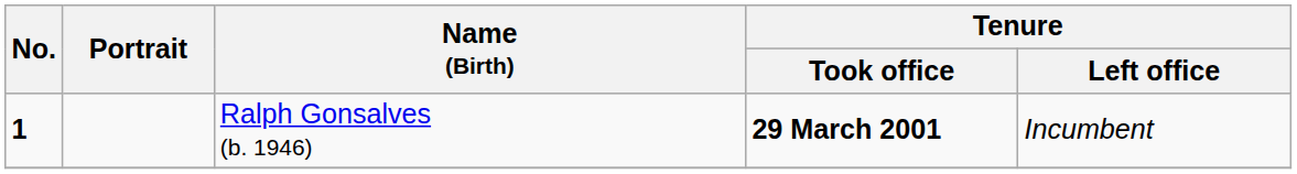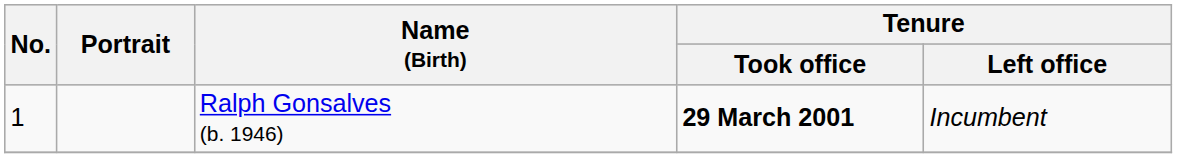 <table class="wikitable">
 <tr>
 <th scope="col" style="width:20px;" rowspan="2">No.</th>
 <th scope="col" style="width:80px;" rowspan="2">Portrait</th>
 <th scope="col" style="width:300px;" rowspan="2">Name<br><small>(Birth)</small></th>
 <th scope="col" style="width:300px;" colspan="2">Tenure</th>
 </tr>
 <tr>
 <th scope="col" style="width:150px;">Took office</th>
 <th scope="col" style="width:150px;">Left office</th>
 </tr>
 <tr>
-<td><strong>1</strong></td>
+<td>1</td>
 <td style="text-align: center;"></td>
 <td><a href='#'>Ralph Gonsalves</a><br><small>(b. 1946)</small></td>
 <td><strong>29 March 2001</strong></td>
 <td><em>Incumbent</em></td>
 </tr>
 <tr>
 </tr>
 </table>
